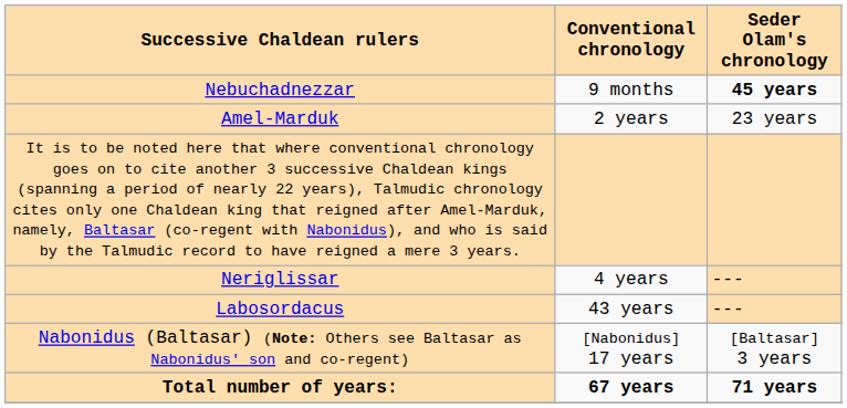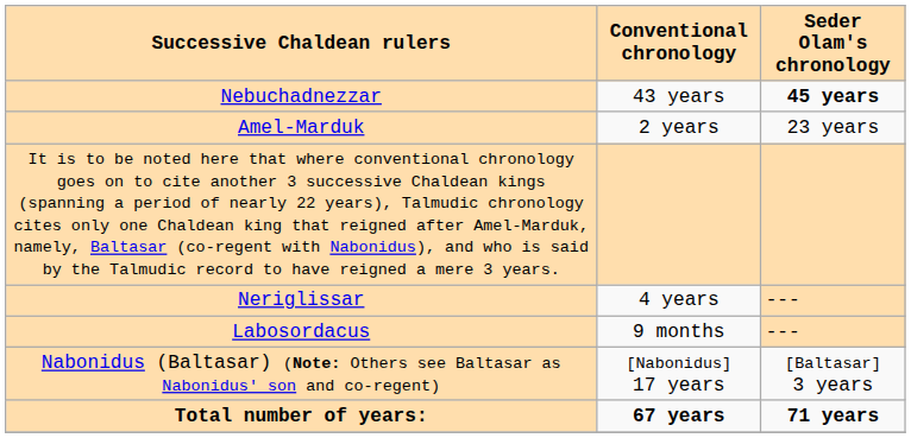 <table class="wikitable">
 <tr>
 <th style="background:Navajowhite; text-align:center;">Successive Chaldean rulers</th>
 <th style="background:Navajowhite;">Conventional chronology</th>
 <th style="background:Navajowhite;">Seder Olam's chronology</th>
 </tr>
 <tr>
 <td style="background:Navajowhite; text-align:center;"><a href='#'>Nebuchadnezzar</a></td>
-<td style=text-align:center;>9 months</td>
+<td style=text-align:center;>43 years</td>
 <td style=text-align:center;><strong>45 years</strong></td>
 </tr>
 <tr>
 <td style="background:Navajowhite; text-align:center;"><a href='#'>Amel-Marduk</a></td>
 <td style=text-align:center;>2 years</td>
 <td style=text-align:center;>23 years</td>
 </tr>
 <tr>
 <td style="background:Navajowhite; text-align:center;"><small>It is to be noted here that where conventional chronology goes on to cite another 3 successive Chaldean kings (spanning a period of nearly 22 years), Talmudic chronology cites only one Chaldean king that reigned after Amel-Marduk, namely, <a href='#'>Baltasar</a> (co-regent with <a href='#'>Nabonidus</a>), and who is said by the Talmudic record to have reigned a mere 3 years.</small></td>
 <td style="background:Navajowhite;"></td>
 <td style="background:Navajowhite;"></td>
 </tr>
 <tr>
 <td style="background:Navajowhite; text-align:center;"><a href='#'>Neriglissar</a></td>
 <td style=text-align:center;>4 years</td>
 <td style="background:Navajowhite; style=text-align:center;">---</td>
 </tr>
 <tr>
 <td style="background:Navajowhite; text-align:center;"><a href='#'>Labosordacus</a></td>
-<td style=text-align:center;>43 years</td>
+<td style=text-align:center;>9 months</td>
 <td style="background:Navajowhite; style=text-align:center;">---</td>
 </tr>
 <tr>
 <td style="background:Navajowhite; text-align:center;"><a href='#'>Nabonidus</a> (Baltasar) <small>(<strong>Note:</strong> Others see Baltasar as <a href='#'>Nabonidus' son</a> and co-regent)</small></td>
 <td style=text-align:center;><small>[Nabonidus]</small><br>17 years</td>
 <td style=text-align:center;><small>[Baltasar]</small><br>3 years</td>
 </tr>
 <tr>
 <td style="background:Navajowhite; text-align:center;"><strong>Total number of years:</strong></td>
 <td style=text-align:center;><strong>67 years</strong></td>
 <td style=text-align:center;><strong>71 years</strong></td>
 </tr>
 <tr>
 </tr>
 </table>
